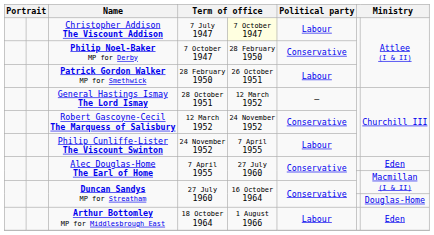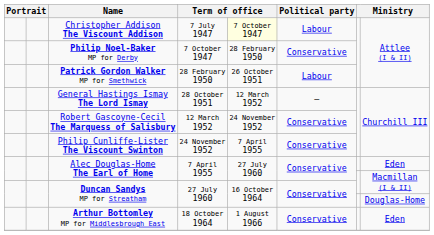 <table class="wikitable" style="text-align:Center;">
 <tr>
 <th colspan=2>Portrait</th>
 <th>Name</th>
 <th colspan=2>Term of office</th>
 <th>Political party</th>
 <th colspan=2>Ministry</th>
 </tr>
 <tr>
 <td style="background-color: "></td>
 <td></td>
 <td><a href='#'>Christopher Addison<br><strong>The Viscount Addison</strong></a></td>
 <td><small>7 July</small><br>1947</td>
 <td style="background: lightyellow;"><small>7 October</small><br>1947</td>
 <td><a href='#'>Labour</a></td>
 <td rowspan=3 style="background-color: "></td>
 <td rowspan=3><a href='#'>Attlee<br><small>(I & II)</small></a></td>
 </tr>
 <tr>
 <td style="background-color: "></td>
 <td></td>
 <td><a href='#'><strong>Philip Noel-Baker</strong></a><br><small>MP for <a href='#'>Derby</a></small></td>
 <td><small>7 October</small><br>1947</td>
 <td><small>28 February</small><br>1950</td>
 <td><a href='#'>Conservative</a></td>
 </tr>
 <tr>
 <td style="background-color: "></td>
 <td></td>
 <td><strong><a href='#'>Patrick Gordon Walker</a></strong><br><small>MP for <a href='#'>Smethwick</a></small></td>
 <td><small>28 February</small><br>1950</td>
 <td><small>26 October</small><br>1951</td>
 <td><a href='#'>Labour</a></td>
 </tr>
 <tr>
 <td style="background-color: "></td>
 <td></td>
 <td><a href='#'>General Hastings Ismay<br><strong>The Lord Ismay</strong></a></td>
 <td><small>28 October</small><br>1951</td>
 <td><small>12 March</small><br>1952</td>
 <td>–</td>
 <td rowspan=3 style="background-color: "></td>
 <td rowspan=3><a href='#'>Churchill III</a></td>
 </tr>
 <tr>
 <td style="background-color: "></td>
 <td></td>
 <td><a href='#'>Robert Gascoyne-Cecil<br><strong>The Marquess of Salisbury</strong></a></td>
 <td><small>12 March</small><br>1952</td>
 <td><small>24 November</small><br>1952</td>
 <td><a href='#'>Conservative</a></td>
 </tr>
 <tr>
 <td style="background-color: "></td>
 <td></td>
 <td><a href='#'>Philip Cunliffe-Lister<br><strong>The Viscount Swinton</strong></a></td>
 <td><small>24 November</small><br>1952</td>
 <td><small>7 April</small><br>1955</td>
-<td><a href='#'>Labour</a></td>
+<td><a href='#'>Conservative</a></td>
 </tr>
 <tr>
 <td rowspan=2 style="background-color: "></td>
 <td rowspan=2></td>
 <td rowspan=2><a href='#'>Alec Douglas-Home<br><strong>The Earl of Home</strong></a></td>
 <td rowspan=2><small>7 April</small><br>1955</td>
 <td rowspan=2><small>27 July</small><br>1960</td>
 <td rowspan=2><a href='#'>Conservative</a></td>
 <td style="background-color: "></td>
 <td><a href='#'>Eden</a></td>
 </tr>
 <tr>
 <td rowspan=2 style="background-color: "></td>
 <td rowspan=2><a href='#'>Macmillan<br><small>(I & II)</small></a></td>
 </tr>
 <tr>
 <td rowspan=2 style="background-color: "></td>
 <td rowspan=2></td>
 <td rowspan=2><strong><a href='#'>Duncan Sandys</a></strong><br><small>MP for <a href='#'>Streatham</a></small></td>
 <td rowspan=2><small>27 July</small><br>1960</td>
 <td rowspan=2><small>16 October</small><br>1964</td>
 <td rowspan=2><a href='#'>Conservative</a></td>
 </tr>
 <tr>
 <td style="background-color: "></td>
 <td><a href='#'>Douglas-Home</a></td>
 </tr>
 <tr>
 <td style="background-color: "></td>
 <td></td>
 <td><strong><a href='#'>Arthur Bottomley</a></strong><br><small>MP for <a href='#'>Middlesbrough East</a></small></td>
 <td><small>18 October</small><br>1964</td>
 <td><small>1 August</small><br>1966</td>
-<td><a href='#'>Labour</a></td>
+<td><a href='#'>Conservative</a></td>
 <td style="background-color: "></td>
 <td><a href='#'>Eden</a></td>
 </tr>
 <tr>
 </tr>
 </table>
